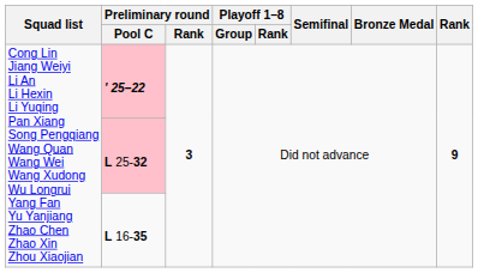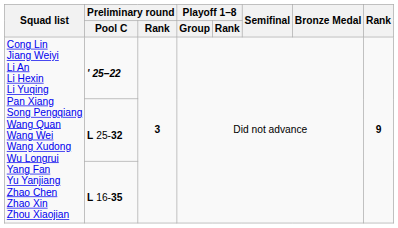 <table class="wikitable" style="text-align:left; font-size:90%">
 <tr>
 <th rowspan="2">Squad list</th>
 <th colspan="2">Preliminary round</th>
 <th colspan="2">Playoff 1–8</th>
 <th rowspan="2">Semifinal</th>
 <th rowspan="2">Bronze Medal</th>
 <th rowspan="2">Rank</th>
 </tr>
 <tr>
 <th>Pool C</th>
 <th>Rank</th>
 <th>Group</th>
 <th>Rank</th>
 </tr>
 <tr>
 <td rowspan=3><a href='#'>Cong Lin</a><br><a href='#'>Jiang Weiyi</a><br><a href='#'>Li An</a><br><a href='#'>Li Hexin</a><br><a href='#'>Li Yuqing</a><br><a href='#'>Pan Xiang</a><br><a href='#'>Song Pengqiang</a><br><a href='#'>Wang Quan</a><br><a href='#'>Wang Wei</a><br><a href='#'>Wang Xudong</a><br><a href='#'>Wu Longrui</a><br><a href='#'>Yang Fan</a><br><a href='#'>Yu Yanjiang</a><br><a href='#'>Zhao Chen</a><br><a href='#'>Zhao Xin</a><br><a href='#'>Zhou Xiaojian</a></td>
-<td style="background: pink;"><br><strong><em>' <strong>25</strong>–22</td>
+<td><br><strong><em>' <strong>25</strong>–22</td>
 <td rowspan="3" style="text-align:center;"><strong>3</strong></td>
 <td rowspan="3" colspan="4" style="text-align:center;">Did not advance</td>
 <td rowspan="3" style="text-align:center;"><strong>9</strong></td>
 </tr>
 <tr>
-<td style="background: pink;"><br><strong>L</strong> 25-<strong>32</strong></td>
+<td><br><strong>L</strong> 25-<strong>32</strong></td>
 </tr>
 <tr>
 <td><br><strong>L</strong> 16-<strong>35</strong></td>
 </tr>
 </table>
